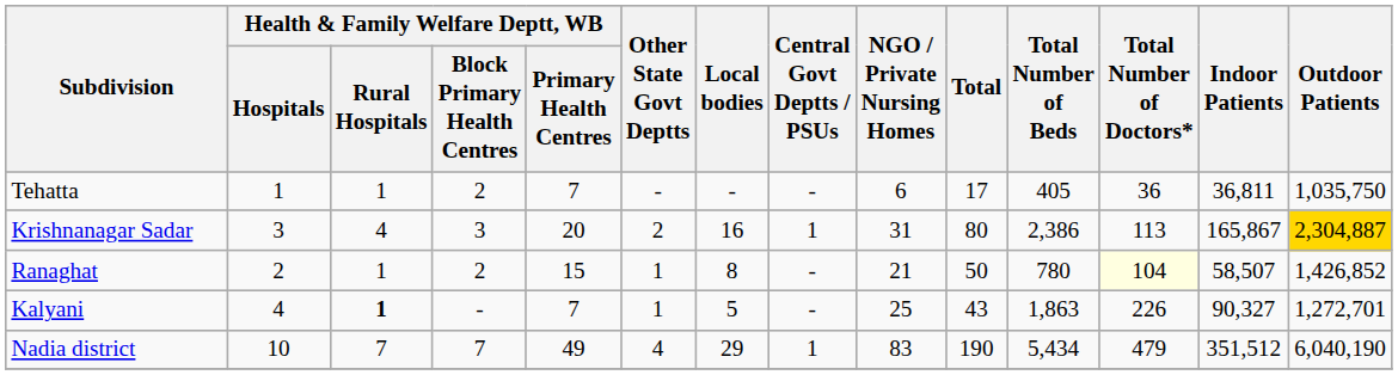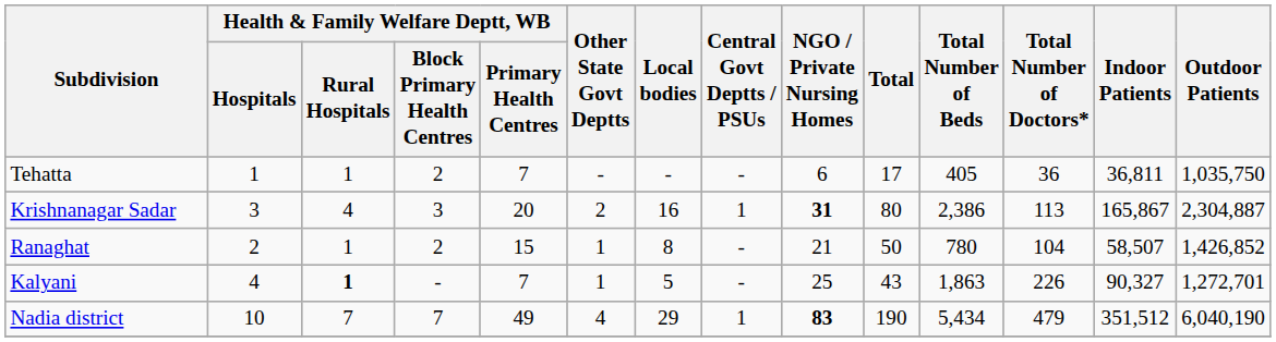 <table class="wikitable" style="text-align:center;font-size: 9pt">
 <tr>
 <th width="110" rowspan="2">Subdivision</th>
 <th width="160" colspan="4" rowspan="1">Health & Family Welfare Deptt, WB</th>
 <th widthspan="110" rowspan="2">Other<br>State<br>Govt<br>Deptts</th>
 <th widthspan="110" rowspan="2">Local<br>bodies</th>
 <th widthspan="110" rowspan="2">Central<br>Govt<br>Deptts /<br>PSUs</th>
 <th widthspan="110" rowspan="2">NGO /<br>Private<br>Nursing<br>Homes</th>
 <th widthspan="110" rowspan="2">Total</th>
 <th widthspan="110" rowspan="2">Total<br>Number<br>of<br>Beds</th>
 <th widthspan="110" rowspan="2">Total<br>Number<br>of<br>Doctors*</th>
 <th widthspan="130" rowspan="2">Indoor<br>Patients</th>
 <th widthspan="130" rowspan="2">Outdoor<br>Patients</th>
 </tr>
 <tr>
 <th width="40">Hospitals<br></th>
 <th width="40">Rural<br>Hospitals<br></th>
 <th width="40">Block<br>Primary<br>Health<br>Centres<br></th>
 <th width="40">Primary<br>Health<br>Centres<br></th>
 </tr>
 <tr>
 <td align=left>Tehatta</td>
 <td align="center">1</td>
 <td align="center">1</td>
 <td align="center">2</td>
 <td align="center">7</td>
 <td align="center">-</td>
 <td align="center">-</td>
 <td align="center">-</td>
 <td align="center">6</td>
 <td align="center">17</td>
 <td align="center">405</td>
 <td align="center">36</td>
 <td align="center">36,811</td>
 <td align="center">1,035,750</td>
 </tr>
 <tr>
 <td align=left><a href='#'>Krishnanagar Sadar</a></td>
 <td align="center">3</td>
 <td align="center">4</td>
 <td align="center">3</td>
 <td align="center">20</td>
 <td align="center">2</td>
 <td align="center">16</td>
 <td align="center">1</td>
-<td align="center">31</td>
+<td align="center"><strong>31</strong></td>
 <td align="center">80</td>
 <td align="center">2,386</td>
 <td align="center">113</td>
 <td align="center">165,867</td>
-<td align="center" style="background: gold;">2,304,887</td>
+<td align="center">2,304,887</td>
 </tr>
 <tr>
 <td align=left><a href='#'>Ranaghat</a></td>
 <td align="center">2</td>
 <td align="center">1</td>
 <td align="center">2</td>
 <td align="center">15</td>
 <td align="center">1</td>
 <td align="center">8</td>
 <td align="center">-</td>
 <td align="center">21</td>
 <td align="center">50</td>
 <td align="center">780</td>
-<td align="center" style="background: lightyellow;">104</td>
+<td align="center">104</td>
 <td align="center">58,507</td>
 <td align="center">1,426,852</td>
 </tr>
 <tr>
 <td align=left><a href='#'>Kalyani</a></td>
 <td align="center">4</td>
 <td align="center"><strong>1</strong></td>
 <td align="center">-</td>
 <td align="center">7</td>
 <td align="center">1</td>
 <td align="center">5</td>
 <td align="center">-</td>
 <td align="center">25</td>
 <td align="center">43</td>
 <td align="center">1,863</td>
 <td align="center">226</td>
 <td align="center">90,327</td>
 <td align="center">1,272,701</td>
 </tr>
 <tr>
 <td align=left><a href='#'>Nadia district</a></td>
 <td align="center">10</td>
 <td align="center">7</td>
 <td align="center">7</td>
 <td align="center">49</td>
 <td align="center">4</td>
 <td align="center">29</td>
 <td align="center">1</td>
-<td align="center">83</td>
+<td align="center"><strong>83</strong></td>
 <td align="center">190</td>
 <td align="center">5,434</td>
 <td align="center">479</td>
 <td align="center">351,512</td>
 <td align="center">6,040,190</td>
 </tr>
 <tr>
 </tr>
 </table>
